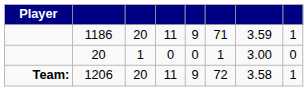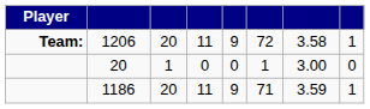 <table style="width:60%;" class="wikitable sortable">
 <tr>
 <th style="color:white; background:#000084; ">Player</th>
 <th style="color:white; background:#000084; "></th>
 <th style="color:white; background:#000084; "></th>
 <th style="color:white; background:#000084; "></th>
 <th style="color:white; background:#000084; "></th>
 <th style="color:white; background:#000084; "></th>
 <th style="color:white; background:#000084; "></th>
 <th style="color:white; background:#000084; "></th>
 </tr>
 <tr align="center">
-<td align="right"></td>
-<td>1186</td>
+<td align="right"><strong>Team:</strong></td>
+<td>1206</td>
 <td>20</td>
 <td>11</td>
 <td>9</td>
-<td>71</td>
-<td>3.59</td>
+<td>72</td>
+<td>3.58</td>
 <td>1</td>
 </tr>
 <tr align="center">
 <td align="right"></td>
 <td>20</td>
 <td>1</td>
 <td>0</td>
 <td>0</td>
 <td>1</td>
 <td>3.00</td>
 <td>0</td>
 </tr>
 <tr align="center">
-<td align="right"><strong>Team:</strong></td>
-<td>1206</td>
+<td align="right"></td>
+<td>1186</td>
 <td>20</td>
 <td>11</td>
 <td>9</td>
-<td>72</td>
-<td>3.58</td>
+<td>71</td>
+<td>3.59</td>
 <td>1</td>
 </tr>
 </table>
